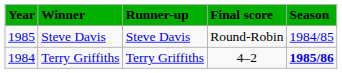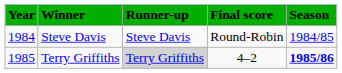 <table class="wikitable" style="margin: auto">
 <tr>
 <th style="text-align: center; background-color: #00af00">Year</th>
 <th style="text-align: left; background-color: #00af00">Winner</th>
 <th style="text-align: left; background-color: #00af00">Runner-up</th>
 <th style="text-align: left; background-color: #00af00">Final score</th>
 <th style="text-align: left; background-color: #00af00">Season</th>
 </tr>
 <tr>
-<td><a href='#'>1985</a></td>
+<td><a href='#'>1984</a></td>
 <td> <a href='#'>Steve Davis</a></td>
 <td> <a href='#'>Steve Davis</a></td>
 <td style="text-align: center">Round-Robin</td>
 <td><a href='#'>1984/85</a></td>
 </tr>
 <tr>
-<td><a href='#'>1984</a></td>
+<td><a href='#'>1985</a></td>
 <td> <a href='#'>Terry Griffiths</a></td>
-<td> <a href='#'>Terry Griffiths</a></td>
+<td style="background: lightgrey;"> <a href='#'>Terry Griffiths</a></td>
 <td style="text-align: center">4–2</td>
 <td><strong><a href='#'>1985/86</a></strong></td>
 </tr>
 </table>
